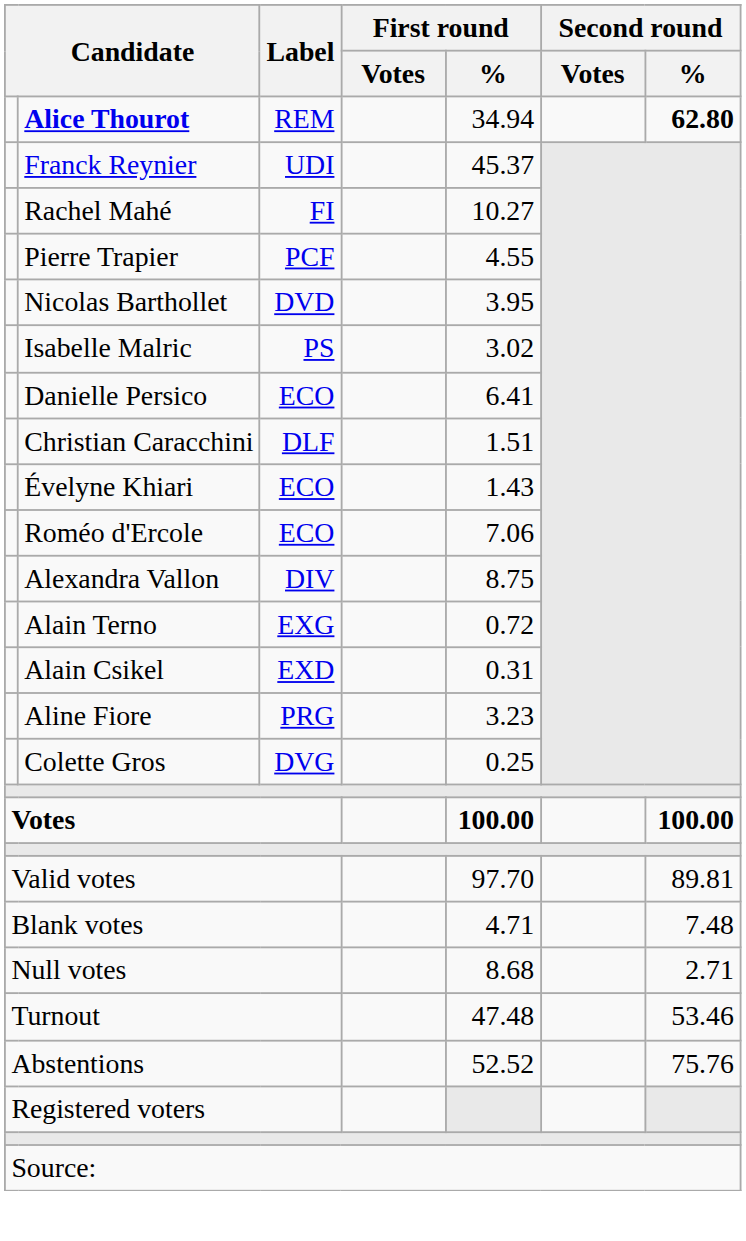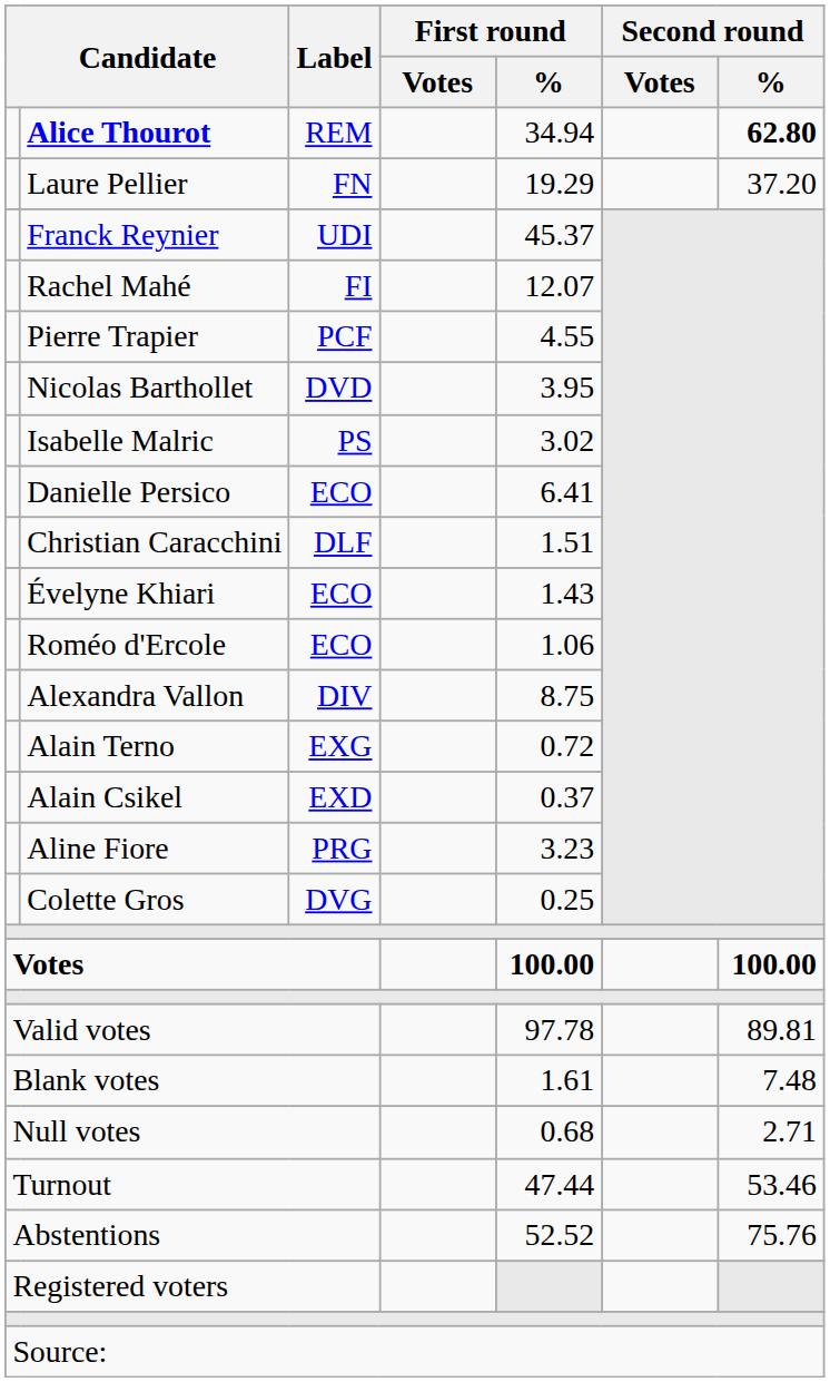 <table class="wikitable" style="text-align:right;font-size:95%;">
 <tr>
 <th rowspan="2" colspan="2">Candidate</th>
 <th rowspan="2">Label</th>
 <th colspan="2">First round</th>
 <th colspan="2">Second round</th>
 </tr>
 <tr>
 <th style="width:50px;">Votes</th>
 <th style="width:45px;">%</th>
 <th style="width:50px;">Votes</th>
 <th style="width:45px;">%</th>
 </tr>
 <tr>
 <td style="color:inherit;background:"></td>
 <td style="text-align:left;"><strong><a href='#'>Alice Thourot</a></strong></td>
 <td><a href='#'>REM</a></td>
 <td></td>
 <td>34.94</td>
 <td><strong></strong></td>
 <td><strong>62.80</strong></td>
 </tr>
 <tr>
 <td style="color:inherit;background:"></td>
+<td style="text-align:left;">Laure Pellier</td>
+<td><a href='#'>FN</a></td>
+<td></td>
+<td>19.29</td>
+<td></td>
+<td>37.20</td>
+</tr>
+<tr>
+<td style="color:inherit;background:"></td>
 <td style="text-align:left;"><a href='#'>Franck Reynier</a></td>
 <td><a href='#'>UDI</a></td>
 <td></td>
 <td>45.37</td>
 <td colspan="2" rowspan="14" style="background:#E9E9E9;"></td>
 </tr>
 <tr>
 <td style="color:inherit;background:"></td>
 <td style="text-align:left;">Rachel Mahé</td>
 <td><a href='#'>FI</a></td>
 <td></td>
-<td>10.27</td>
+<td>12.07</td>
 </tr>
 <tr>
 <td style="color:inherit;background:"></td>
 <td style="text-align:left;">Pierre Trapier</td>
 <td><a href='#'>PCF</a></td>
 <td></td>
 <td>4.55</td>
 </tr>
 <tr>
 <td style="color:inherit;background:"></td>
 <td style="text-align:left;">Nicolas Barthollet</td>
 <td><a href='#'>DVD</a></td>
 <td></td>
 <td>3.95</td>
 </tr>
 <tr>
 <td style="color:inherit;background:"></td>
 <td style="text-align:left;">Isabelle Malric</td>
 <td><a href='#'>PS</a></td>
 <td></td>
 <td>3.02</td>
 </tr>
 <tr>
 <td style="color:inherit;background:"></td>
 <td style="text-align:left;">Danielle Persico</td>
 <td><a href='#'>ECO</a></td>
 <td></td>
 <td>6.41</td>
 </tr>
 <tr>
 <td style="color:inherit;background:"></td>
 <td style="text-align:left;">Christian Caracchini</td>
 <td><a href='#'>DLF</a></td>
 <td></td>
 <td>1.51</td>
 </tr>
 <tr>
 <td style="color:inherit;background:"></td>
 <td style="text-align:left;">Évelyne Khiari</td>
 <td><a href='#'>ECO</a></td>
 <td></td>
 <td>1.43</td>
 </tr>
 <tr>
 <td style="color:inherit;background:"></td>
 <td style="text-align:left;">Roméo d'Ercole</td>
 <td><a href='#'>ECO</a></td>
 <td></td>
-<td>7.06</td>
+<td>1.06</td>
 </tr>
 <tr>
 <td style="color:inherit;background:"></td>
 <td style="text-align:left;">Alexandra Vallon</td>
 <td><a href='#'>DIV</a></td>
 <td></td>
 <td>8.75</td>
 </tr>
 <tr>
 <td style="color:inherit;background:"></td>
 <td style="text-align:left;">Alain Terno</td>
 <td><a href='#'>EXG</a></td>
 <td></td>
 <td>0.72</td>
 </tr>
 <tr>
 <td style="color:inherit;background:"></td>
 <td style="text-align:left;">Alain Csikel</td>
 <td><a href='#'>EXD</a></td>
 <td></td>
-<td>0.31</td>
+<td>0.37</td>
 </tr>
 <tr>
 <td style="color:inherit;background:"></td>
 <td style="text-align:left;">Aline Fiore</td>
 <td><a href='#'>PRG</a></td>
 <td></td>
 <td>3.23</td>
 </tr>
 <tr>
 <td style="color:inherit;background:"></td>
 <td style="text-align:left;">Colette Gros</td>
 <td><a href='#'>DVG</a></td>
 <td></td>
 <td>0.25</td>
 </tr>
 <tr>
 <td colspan="7" style="background:#E9E9E9;"></td>
 </tr>
 <tr style="font-weight:bold;">
 <td colspan="3" style="text-align:left;">Votes</td>
 <td></td>
 <td>100.00</td>
 <td></td>
 <td>100.00</td>
 </tr>
 <tr>
 <td colspan="7" style="background:#E9E9E9;"></td>
 </tr>
 <tr>
 <td colspan="3" style="text-align:left;">Valid votes</td>
 <td></td>
-<td>97.70</td>
+<td>97.78</td>
 <td></td>
 <td>89.81</td>
 </tr>
 <tr>
 <td colspan="3" style="text-align:left;">Blank votes</td>
 <td></td>
-<td>4.71</td>
+<td>1.61</td>
 <td></td>
 <td>7.48</td>
 </tr>
 <tr>
 <td colspan="3" style="text-align:left;">Null votes</td>
 <td></td>
-<td>8.68</td>
+<td>0.68</td>
 <td></td>
 <td>2.71</td>
 </tr>
 <tr>
 <td colspan="3" style="text-align:left;">Turnout</td>
 <td></td>
-<td>47.48</td>
+<td>47.44</td>
 <td></td>
 <td>53.46</td>
 </tr>
 <tr>
 <td colspan="3" style="text-align:left;">Abstentions</td>
 <td></td>
 <td>52.52</td>
 <td></td>
 <td>75.76</td>
 </tr>
 <tr>
 <td colspan="3" style="text-align:left;">Registered voters</td>
 <td></td>
 <td style="color:inherit;background:#E9E9E9;"></td>
 <td></td>
 <td style="color:inherit;background:#E9E9E9;"></td>
 </tr>
 <tr>
 <td colspan="7" style="background:#E9E9E9;"></td>
 </tr>
 <tr>
 <td colspan="7" style="text-align:left;">Source: </td>
 </tr>
 </table>
